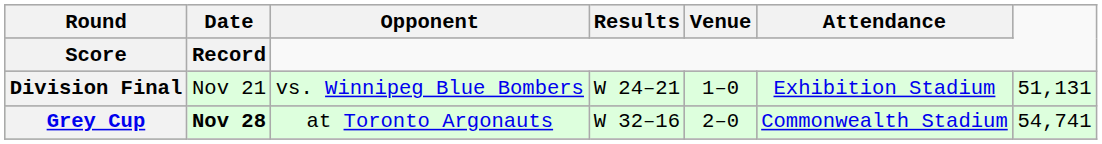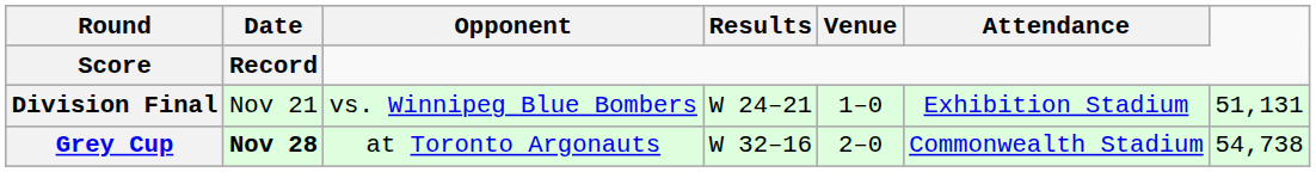 <table class="wikitable" style="text-align:center">
 <tr>
 <th>Round</th>
 <th>Date</th>
 <th>Opponent</th>
 <th>Results</th>
 <th>Venue</th>
 <th>Attendance</th>
 </tr>
 <tr>
 <th>Score</th>
 <th>Record</th>
 </tr>
 <tr style="background:#ddffdd">
 <th>Division Final</th>
 <td>Nov 21</td>
 <td>vs. <a href='#'>Winnipeg Blue Bombers</a></td>
 <td>W 24–21</td>
 <td>1–0</td>
 <td><a href='#'>Exhibition Stadium</a></td>
 <td>51,131</td>
 </tr>
 <tr style="background:#ddffdd">
 <th><a href='#'>Grey Cup</a></th>
 <td><strong>Nov 28</strong></td>
 <td>at <a href='#'>Toronto Argonauts</a></td>
 <td>W 32–16</td>
 <td>2–0</td>
 <td><a href='#'>Commonwealth Stadium</a></td>
-<td>54,741</td>
+<td>54,738</td>
 </tr>
 </table>
